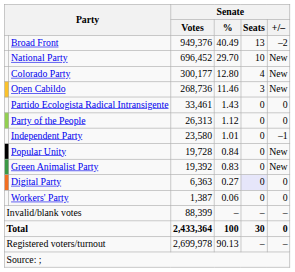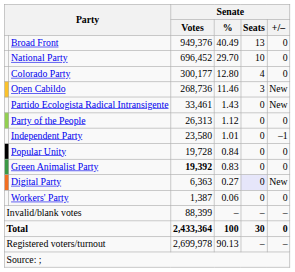 <table class="wikitable sortable" style="text-align:right">
 <tr>
 <th colspan="2" rowspan="2">Party</th>
 <th colspan="4">Senate</th>
 </tr>
 <tr>
 <th>Votes</th>
 <th>%</th>
 <th>Seats</th>
 <th>+/–</th>
 </tr>
 <tr>
 <td style="background-color:"></td>
 <td align="left"><a href='#'>Broad Front</a></td>
 <td>949,376</td>
 <td>40.49</td>
 <td>13</td>
-<td>–2</td>
+<td>0</td>
 </tr>
 <tr>
 <td style="background-color:"></td>
 <td align="left"><a href='#'>National Party</a></td>
 <td>696,452</td>
 <td>29.70</td>
 <td>10</td>
-<td>New</td>
+<td>0</td>
 </tr>
 <tr>
 <td style="background-color:"></td>
 <td align="left"><a href='#'>Colorado Party</a></td>
 <td>300,177</td>
 <td>12.80</td>
 <td>4</td>
-<td>New</td>
+<td>0</td>
 </tr>
 <tr>
 <td style="color:inherit;background:#FBC22B"></td>
 <td align="left"><a href='#'>Open Cabildo</a></td>
 <td>268,736</td>
 <td>11.46</td>
 <td>3</td>
 <td>New</td>
 </tr>
 <tr>
 <td style="background-color:"></td>
 <td align="left"><a href='#'>Partido Ecologista Radical Intransigente</a></td>
 <td>33,461</td>
 <td>1.43</td>
 <td>0</td>
-<td>0</td>
+<td>New</td>
 </tr>
 <tr>
 <td style="color:inherit;background:#92D050"></td>
 <td align="left"><a href='#'>Party of the People</a></td>
 <td>26,313</td>
 <td>1.12</td>
 <td>0</td>
 <td>0</td>
 </tr>
 <tr>
 <td style="background-color:"></td>
 <td align="left"><a href='#'>Independent Party</a></td>
 <td>23,580</td>
 <td>1.01</td>
 <td>0</td>
 <td>–1</td>
 </tr>
 <tr>
 <td style="color:inherit;background:#000000"></td>
 <td align="left"><a href='#'>Popular Unity</a></td>
 <td>19,728</td>
 <td>0.84</td>
 <td>0</td>
-<td>New</td>
+<td>0</td>
 </tr>
 <tr>
 <td style="color:inherit;background:#3B9945"></td>
 <td align="left"><a href='#'>Green Animalist Party</a></td>
-<td>19,392</td>
+<td><strong>19,392</strong></td>
 <td>0.83</td>
 <td>0</td>
-<td>New</td>
+<td>0</td>
 </tr>
 <tr>
 <td style="color:inherit;background:#F36F21"></td>
 <td align="left"><a href='#'>Digital Party</a></td>
 <td>6,363</td>
 <td>0.27</td>
 <td style="background: lavender;">0</td>
-<td>0</td>
+<td>New</td>
 </tr>
 <tr>
 <td style="background-color:"></td>
 <td align="left"><a href='#'>Workers' Party</a></td>
 <td>1,387</td>
 <td>0.06</td>
 <td>0</td>
 <td>0</td>
 </tr>
 <tr>
 <td colspan="2" align="left">Invalid/blank votes</td>
 <td>88,399</td>
 <td>–</td>
 <td>–</td>
 <td>–</td>
 </tr>
 <tr>
 <td colspan="2" align="left"><strong>Total</strong></td>
 <td><strong>2,433,364</strong></td>
 <td><strong>100</strong></td>
 <td><strong>30</strong></td>
 <td><strong>0</strong></td>
 </tr>
 <tr>
 <td colspan="2" align="left">Registered voters/turnout</td>
 <td>2,699,978</td>
 <td>90.13</td>
 <td>–</td>
 <td>–</td>
 </tr>
 <tr>
 <td colspan="6" align="left">Source: ;  </td>
 </tr>
 </table>
